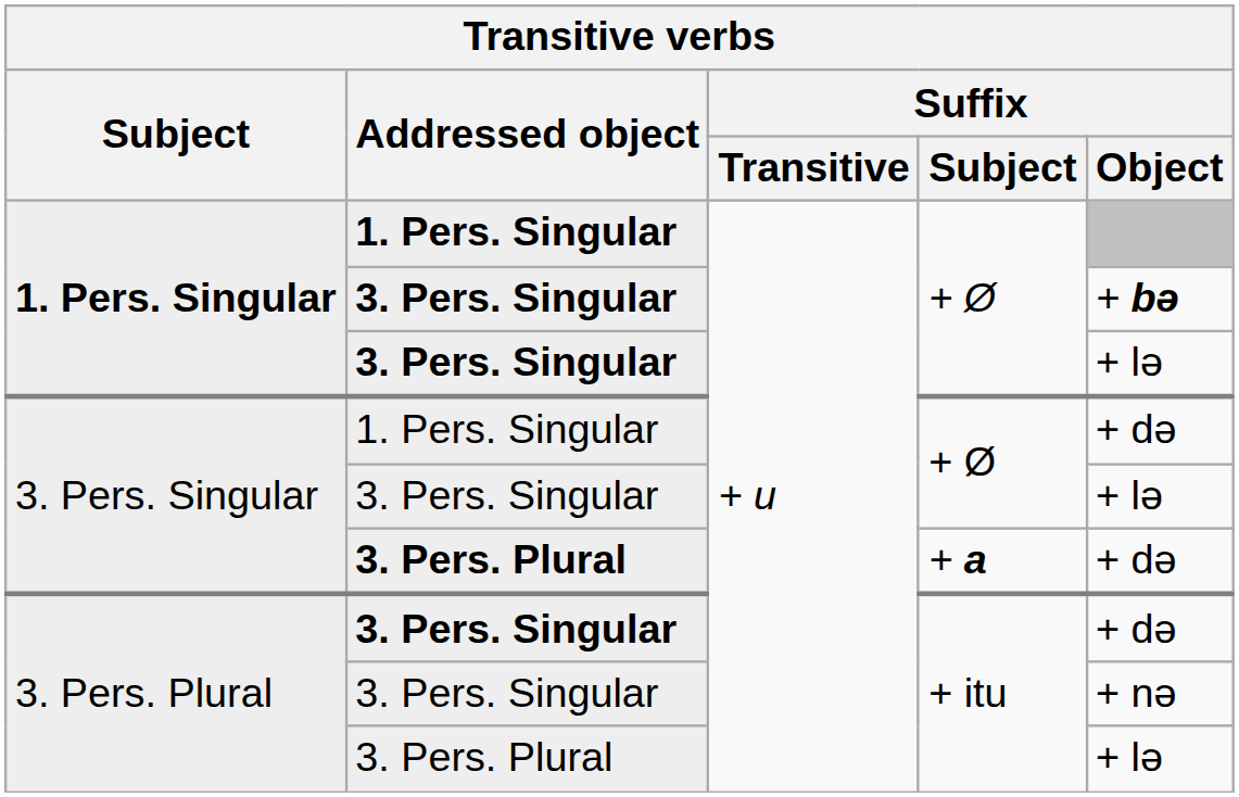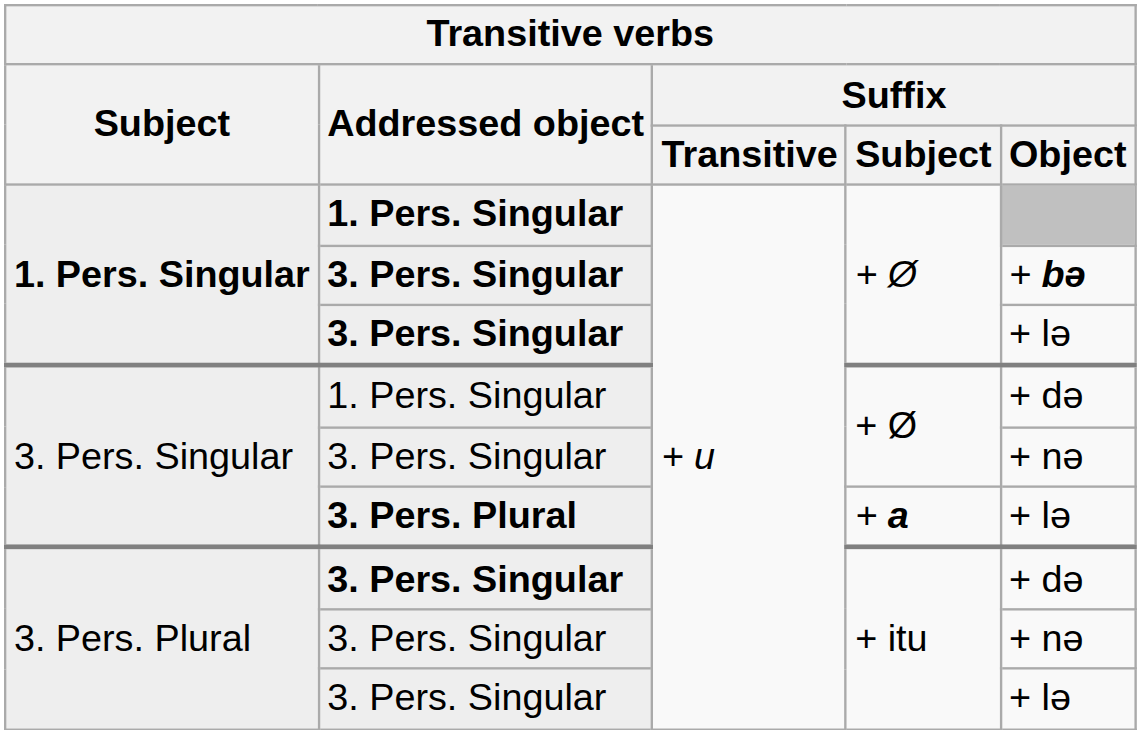 <table class="wikitable">
 <tr>
 <th colspan="5">Transitive verbs</th>
 </tr>
 <tr class="hintergrundfarbe9">
 <th rowspan="2">Subject</th>
 <th rowspan="2">Addressed object</th>
 <th colspan="3">Suffix</th>
 </tr>
 <tr class="hintergrundfarbe8">
 <th>Transitive</th>
 <th>Subject</th>
 <th>Object</th>
 </tr>
 <tr>
 <td rowspan="3" style="background:#EEEEEE;"><strong>1. Pers. Singular</strong></td>
 <td style="background:#EEEEEE;"><strong>1. Pers. Singular</strong></td>
 <td rowspan="9"><em>+ u</em></td>
 <td rowspan="3"><em>+ Ø</em></td>
 <td style="background:silver;"></td>
 </tr>
 <tr>
 <td style="background:#EEEEEE;"><strong>3. Pers. Singular</strong></td>
 <td><em>+ <strong>bə<strong><em></td>
 </tr>
 <tr style="border-bottom:2px solid grey;">
 <td style="background:#EEEEEE;"><strong>3. Pers. Singular</strong></td>
 <td></em>+ lə<em></td>
 </tr>
 <tr>
 <td rowspan="3" style="background:#EEEEEE;"></strong>3. Pers. Singular<strong></td>
 <td style="background:#EEEEEE;"></strong>1. Pers. Singular<strong></td>
 <td rowspan="2"></em>+ Ø<em></td>
 <td></em>+ də<em></td>
 </tr>
 <tr>
 <td style="background:#EEEEEE;"></strong>3. Pers. Singular<strong></td>
-<td></em>+ lə<em></td>
+<td></em>+ </strong>nə</em></strong></td>
 </tr>
 <tr style="border-bottom:2px solid grey;">
 <td style="background:#EEEEEE;"><strong>3. Pers. Plural</strong></td>
 <td><em>+ <strong>a<strong><em></td>
-<td></em>+ də<em></td>
+<td></em>+ lə<em></td>
 </tr>
 <tr>
 <td rowspan="3" style="background:#EEEEEE;"></strong>3. Pers. Plural<strong></td>
 <td style="background:#EEEEEE;"><strong>3. Pers. Singular</strong></td>
 <td rowspan="3"></em>+ itu<em></td>
 <td></em>+ də<em></td>
 </tr>
 <tr>
 <td style="background:#EEEEEE;"></strong>3. Pers. Singular<strong></td>
 <td></em>+ nə<em></td>
 </tr>
 <tr>
-<td style="background:#EEEEEE;"></strong>3. Pers. Plural<strong></td>
+<td style="background:#EEEEEE;"></strong>3. Pers. Singular<strong></td>
 <td></em>+ lə<em></td>
 </tr>
 </table>
